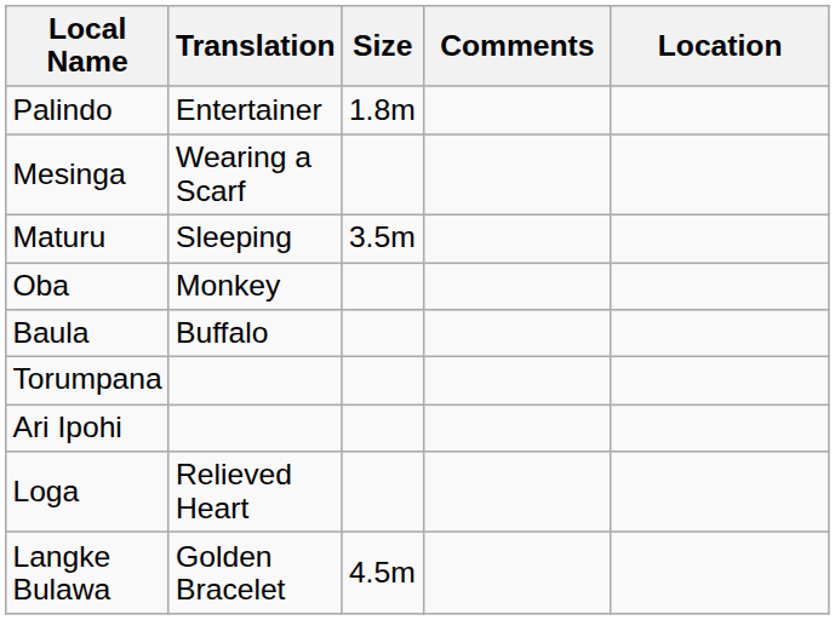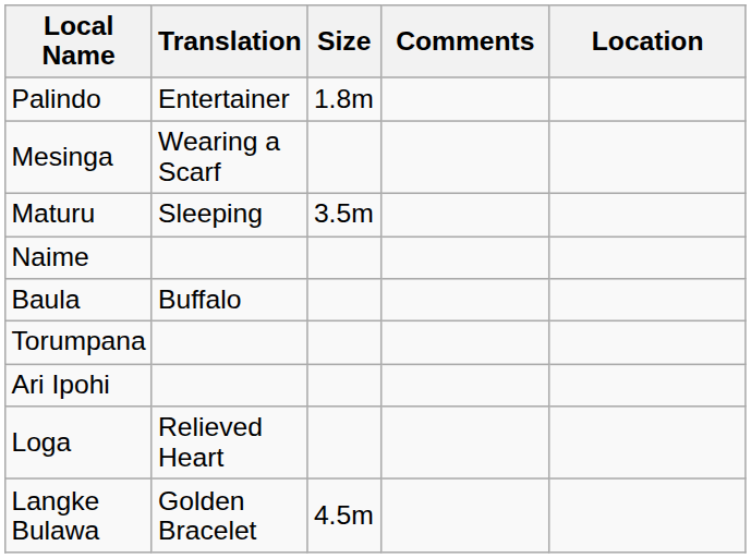 <table class="wikitable" style="width: 50%;">
 <tr>
 <th width="15%">Local Name</th>
 <th width="15%">Translation</th>
 <th width="10%">Size</th>
 <th width="25%">Comments</th>
 <th width="35%">Location</th>
 </tr>
 <tr>
 <td>Palindo</td>
 <td>Entertainer</td>
 <td>1.8m</td>
 <td></td>
 <td></td>
 </tr>
 <tr>
 <td>Mesinga</td>
 <td>Wearing a Scarf</td>
 <td></td>
 <td></td>
 <td></td>
 </tr>
 <tr>
 <td>Maturu</td>
 <td>Sleeping</td>
 <td>3.5m</td>
 <td></td>
 <td></td>
 </tr>
 <tr>
-<td>Oba</td>
-<td>Monkey</td>
+<td>Naime</td>
+<td></td>
 <td></td>
 <td></td>
 <td></td>
 </tr>
 <tr>
 <td>Baula</td>
 <td>Buffalo</td>
 <td></td>
 <td></td>
 <td></td>
 </tr>
 <tr>
 <td>Torumpana</td>
 <td></td>
 <td></td>
 <td></td>
 <td></td>
 </tr>
 <tr>
 <td>Ari Ipohi</td>
 <td></td>
 <td></td>
 <td></td>
 <td></td>
 </tr>
 <tr>
 <td>Loga</td>
 <td>Relieved Heart</td>
 <td></td>
 <td></td>
 <td></td>
 </tr>
 <tr>
 <td>Langke Bulawa</td>
 <td>Golden Bracelet</td>
 <td>4.5m</td>
 <td></td>
 <td></td>
 </tr>
 </table>
